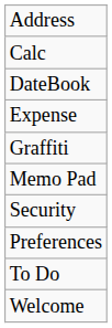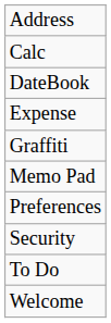 <table class="wikitable" border="1">
 <tr>
 <td>Address</td>
 </tr>
 <tr>
 <td>Calc</td>
 </tr>
 <tr>
 <td>DateBook</td>
 </tr>
 <tr>
 <td>Expense</td>
 </tr>
 <tr>
 <td>Graffiti</td>
 </tr>
 <tr>
 <td>Memo Pad</td>
 </tr>
 <tr>
-<td>Security</td>
+<td>Preferences</td>
 </tr>
 <tr>
-<td>Preferences</td>
+<td>Security</td>
 </tr>
 <tr>
 <td>To Do</td>
 </tr>
 <tr>
 <td>Welcome</td>
 </tr>
 </table>
